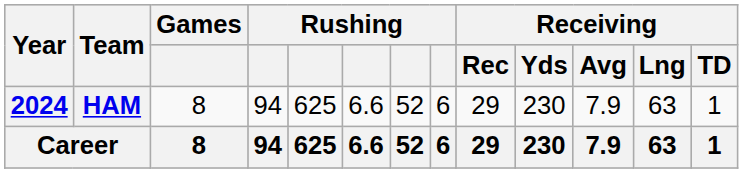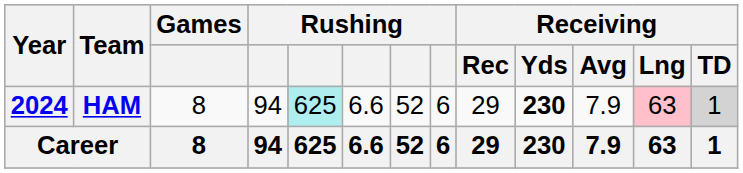 <table class="wikitable" style="text-align:center;">
 <tr>
 <th rowspan="2">Year</th>
 <th rowspan="2">Team</th>
 <th>Games</th>
 <th colspan="5">Rushing</th>
 <th colspan="5">Receiving</th>
 </tr>
 <tr>
 <th></th>
 <th></th>
 <th></th>
 <th></th>
 <th></th>
 <th></th>
 <th>Rec</th>
 <th>Yds</th>
 <th>Avg</th>
 <th>Lng</th>
 <th>TD</th>
 </tr>
 <tr>
 <th><a href='#'>2024</a></th>
 <th><a href='#'>HAM</a></th>
 <td>8</td>
 <td>94</td>
-<td>625</td>
+<td style="background: paleturquoise;">625</td>
 <td>6.6</td>
 <td>52</td>
 <td>6</td>
 <td>29</td>
-<td>230</td>
+<td><strong>230</strong></td>
 <td>7.9</td>
-<td>63</td>
-<td>1</td>
+<td style="background: pink;">63</td>
+<td style="background: lightgrey;">1</td>
 </tr>
 <tr>
 <th colspan="2">Career</th>
 <th>8</th>
 <th>94</th>
 <th>625</th>
 <th>6.6</th>
 <th>52</th>
 <th>6</th>
 <th>29</th>
 <th>230</th>
 <th>7.9</th>
 <th>63</th>
 <th>1</th>
 </tr>
 </table>
